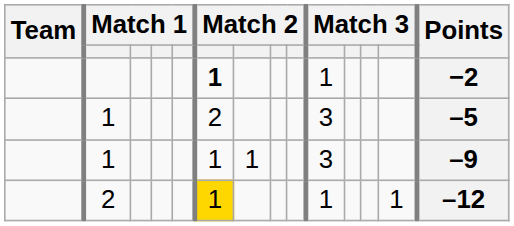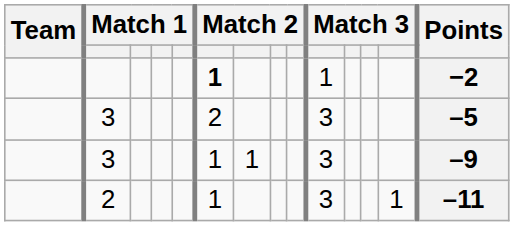 <table class="wikitable sortable" style="text-align:center;">
 <tr>
 <th rowspan=2>Team</th>
 <th colspan=4 style="border-left:3px solid gray">Match 1</th>
 <th colspan=4 style="border-left:3px solid gray">Match 2</th>
 <th colspan=4 style="border-left:3px solid gray">Match 3</th>
 <th rowspan=2 style="border-left:3px solid gray">Points</th>
 </tr>
 <tr>
 <th style="border-left:3px solid gray"></th>
 <th></th>
 <th></th>
 <th></th>
 <th style="border-left:3px solid gray"></th>
 <th></th>
 <th></th>
 <th></th>
 <th style="border-left:3px solid gray"></th>
 <th></th>
 <th></th>
 <th></th>
 </tr>
 <tr>
 <td align=left></td>
 <td style="border-left:3px solid gray"></td>
 <td></td>
 <td></td>
 <td></td>
 <td style="border-left:3px solid gray"><strong>1</strong></td>
 <td></td>
 <td></td>
 <td></td>
 <td style="border-left:3px solid gray">1</td>
 <td></td>
 <td></td>
 <td></td>
 <th style="border-left:3px solid gray">−2</th>
 </tr>
 <tr>
 <td align=left></td>
-<td style="border-left:3px solid gray">1</td>
+<td style="border-left:3px solid gray">3</td>
 <td></td>
 <td></td>
 <td></td>
 <td style="border-left:3px solid gray">2</td>
 <td></td>
 <td></td>
 <td></td>
 <td style="border-left:3px solid gray">3</td>
 <td></td>
 <td></td>
 <td></td>
 <th style="border-left:3px solid gray">–5</th>
 </tr>
 <tr>
 <td align=left></td>
-<td style="border-left:3px solid gray">1</td>
+<td style="border-left:3px solid gray">3</td>
 <td></td>
 <td></td>
 <td></td>
 <td style="border-left:3px solid gray">1</td>
 <td>1</td>
 <td></td>
 <td></td>
 <td style="border-left:3px solid gray">3</td>
 <td></td>
 <td></td>
 <td></td>
 <th style="border-left:3px solid gray">–9</th>
 </tr>
 <tr>
 <td align=left></td>
 <td style="border-left:3px solid gray">2</td>
 <td></td>
 <td></td>
 <td></td>
-<td style="background: gold; border-left:3px solid gray">1</td>
+<td style="border-left:3px solid gray">1</td>
 <td></td>
 <td></td>
 <td></td>
-<td style="border-left:3px solid gray">1</td>
+<td style="border-left:3px solid gray">3</td>
 <td></td>
 <td></td>
 <td>1</td>
-<th style="border-left:3px solid gray">–12</th>
+<th style="border-left:3px solid gray">–11</th>
 </tr>
 </table>
